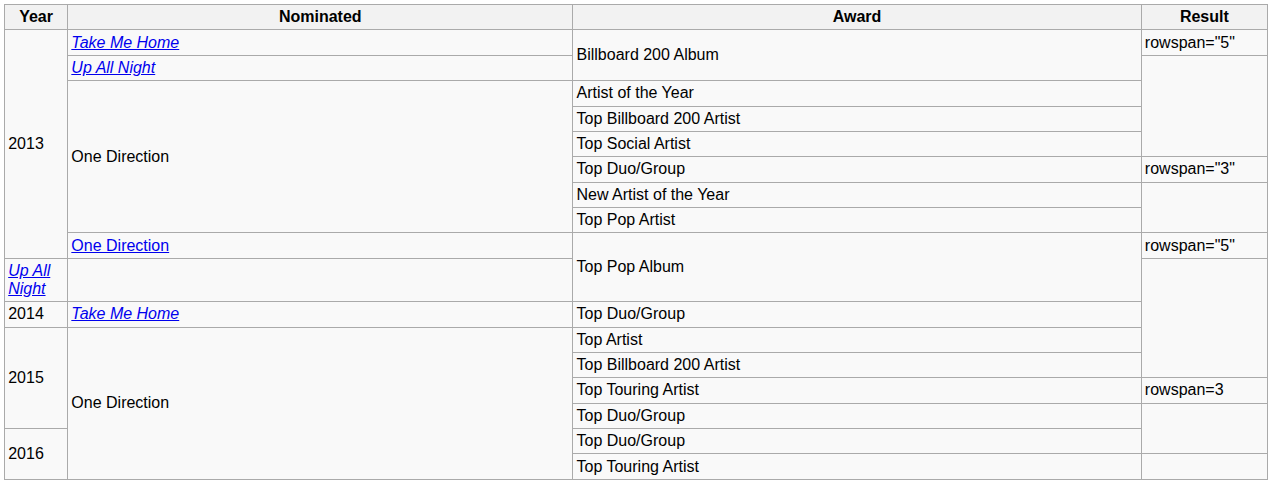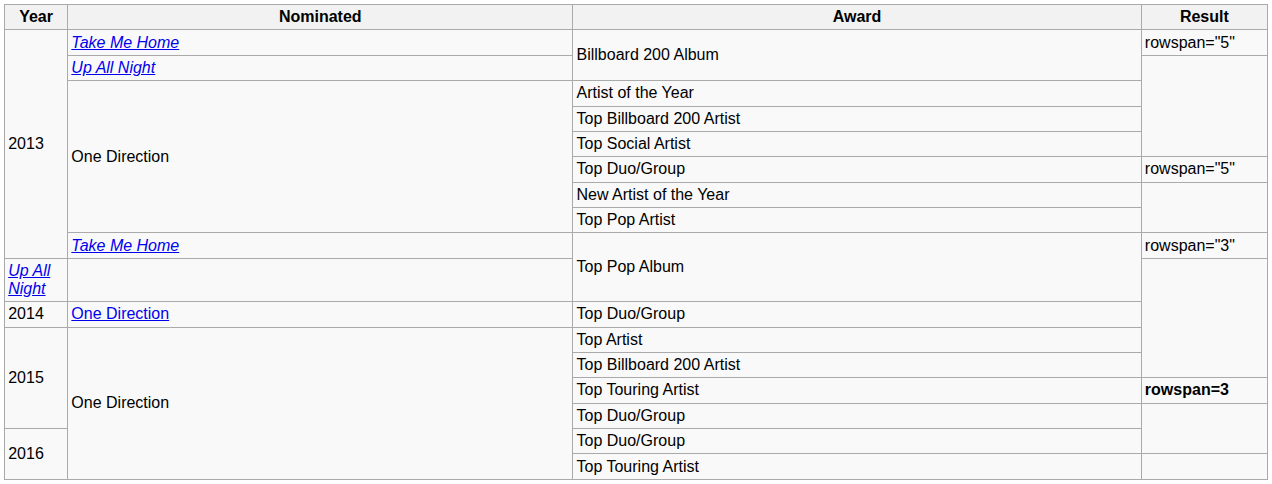 <table class="wikitable" Style="width:100%;">
 <tr>
 <th width=5%>Year</th>
 <th Style="width:40%;">Nominated</th>
 <th Style="width:45%;">Award</th>
 <th Style="width:10%;">Result</th>
 </tr>
 <tr>
 <td rowspan="10">2013</td>
 <td><em><a href='#'>Take Me Home</a></em></td>
 <td rowspan="2">Billboard 200 Album</td>
 <td>rowspan="5" </td>
 </tr>
 <tr>
 <td><em><a href='#'>Up All Night</a></em></td>
 </tr>
 <tr>
 <td rowspan="6">One Direction</td>
 <td>Artist of the Year</td>
 </tr>
 <tr>
 <td>Top Billboard 200 Artist</td>
 </tr>
 <tr>
 <td>Top Social Artist</td>
 </tr>
 <tr>
 <td>Top Duo/Group</td>
-<td>rowspan="3" </td>
+<td>rowspan="5" </td>
 </tr>
 <tr>
 <td>New Artist of the Year</td>
 </tr>
 <tr>
 <td>Top Pop Artist</td>
 </tr>
 <tr>
 </tr>
 <tr>
-<td><a href='#'>One Direction</a></td>
+<td><em><a href='#'>Take Me Home</a></em></td>
 <td rowspan="2">Top Pop Album</td>
-<td>rowspan="5" </td>
+<td>rowspan="3" </td>
 </tr>
 <tr>
 <td><em><a href='#'>Up All Night</a></em></td>
 </tr>
 <tr>
 <td>2014</td>
-<td><em><a href='#'>Take Me Home</a></em></td>
+<td><a href='#'>One Direction</a></td>
 <td>Top Duo/Group</td>
 </tr>
 <tr>
 <td rowspan="4">2015</td>
 <td rowspan="6">One Direction</td>
 <td>Top Artist</td>
 </tr>
 <tr>
 <td>Top Billboard 200 Artist</td>
 </tr>
 <tr>
 <td>Top Touring Artist</td>
-<td>rowspan=3 </td>
+<td><strong>rowspan=3 </strong></td>
 </tr>
 <tr>
 <td>Top Duo/Group</td>
 </tr>
 <tr>
 <td rowspan="2">2016</td>
 <td>Top Duo/Group</td>
 </tr>
 <tr>
 <td>Top Touring Artist</td>
 <td></td>
 </tr>
 </table>
